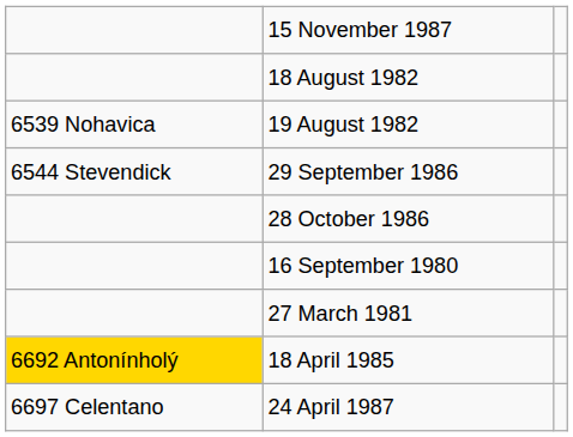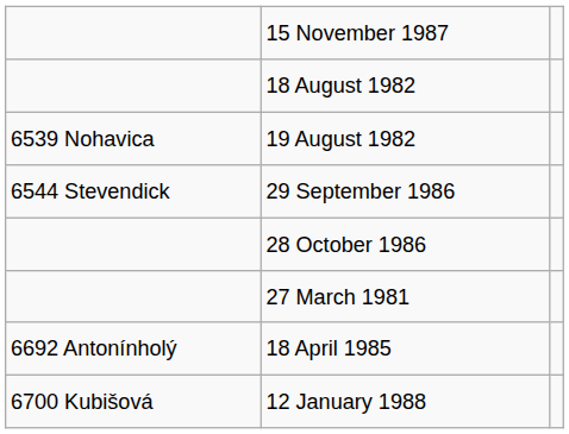 <table class="wikitable" style="font-size: 89%; float: left; width: 26em; margin-right: 1em; height: 280px;">
 <tr>
 <td></td>
 <td>15 November 1987</td>
 <td></td>
 </tr>
 <tr>
 <td></td>
 <td>18 August 1982</td>
 <td></td>
 </tr>
 <tr>
 <td>6539 Nohavica</td>
 <td>19 August 1982</td>
 <td></td>
 </tr>
 <tr>
 <td>6544 Stevendick</td>
 <td>29 September 1986</td>
 <td></td>
 </tr>
 <tr>
 <td></td>
 <td>28 October 1986</td>
 <td></td>
 </tr>
 <tr>
 <td></td>
-<td>16 September 1980</td>
-<td></td>
-</tr>
-<tr>
-<td></td>
 <td>27 March 1981</td>
 <td></td>
 </tr>
 <tr>
-<td style="background: gold;">6692 Antonínholý</td>
+<td>6692 Antonínholý</td>
 <td>18 April 1985</td>
 <td></td>
 </tr>
 <tr>
-<td>6697 Celentano</td>
-<td>24 April 1987</td>
+<td>6700 Kubišová</td>
+<td>12 January 1988</td>
 <td></td>
 </tr>
 </table>
